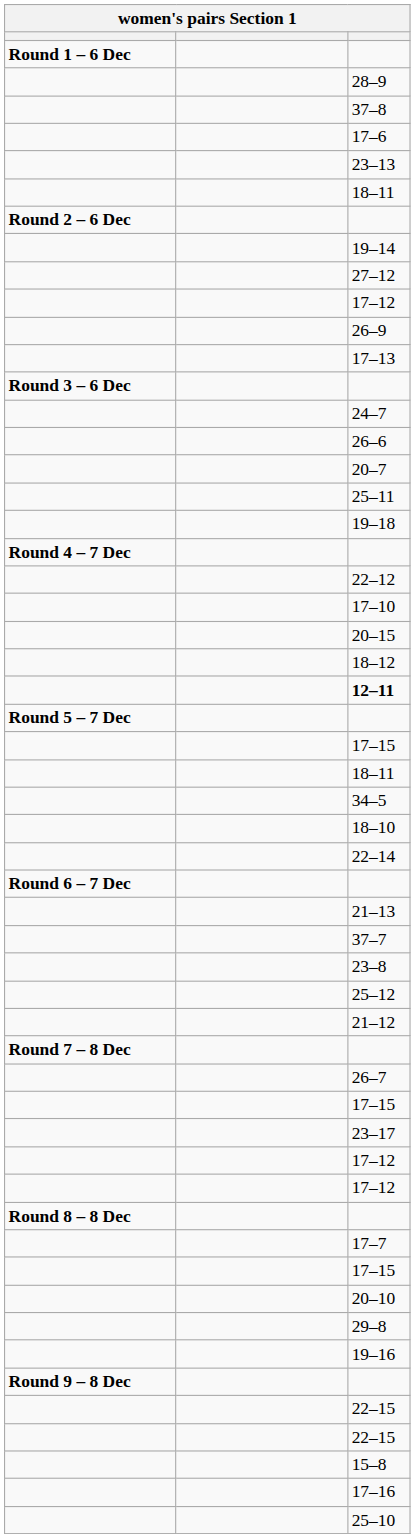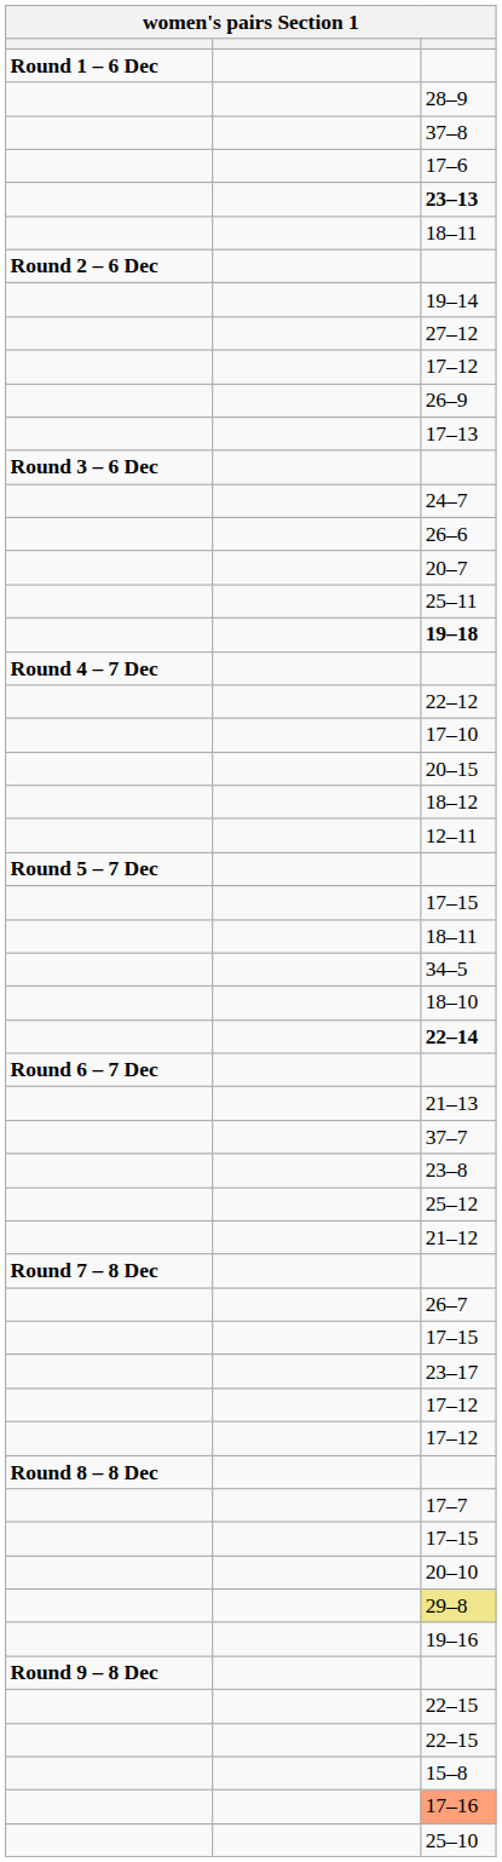 <table class="wikitable">
 <tr>
 <th colspan="3">women's pairs Section 1</th>
 </tr>
 <tr>
 <th width=150></th>
 <th width=150></th>
 <th width=50></th>
 </tr>
 <tr>
 <td><strong>Round 1 – 6 Dec</strong></td>
 <td></td>
 <td></td>
 </tr>
 <tr>
 <td></td>
 <td></td>
 <td>28–9</td>
 </tr>
 <tr>
 <td></td>
 <td></td>
 <td>37–8</td>
 </tr>
 <tr>
 <td></td>
 <td></td>
 <td>17–6</td>
 </tr>
 <tr>
 <td></td>
 <td></td>
-<td>23–13</td>
+<td><strong>23–13</strong></td>
 </tr>
 <tr>
 <td></td>
 <td></td>
 <td>18–11</td>
 </tr>
 <tr>
 <td><strong>Round 2 – 6 Dec</strong></td>
 <td></td>
 <td></td>
 </tr>
 <tr>
 <td></td>
 <td></td>
 <td>19–14</td>
 </tr>
 <tr>
 <td></td>
 <td></td>
 <td>27–12</td>
 </tr>
 <tr>
 <td></td>
 <td></td>
 <td>17–12</td>
 </tr>
 <tr>
 <td></td>
 <td></td>
 <td>26–9</td>
 </tr>
 <tr>
 <td></td>
 <td></td>
 <td>17–13</td>
 </tr>
 <tr>
 <td><strong>Round 3 – 6 Dec</strong></td>
 <td></td>
 <td></td>
 </tr>
 <tr>
 <td></td>
 <td></td>
 <td>24–7</td>
 </tr>
 <tr>
 <td></td>
 <td></td>
 <td>26–6</td>
 </tr>
 <tr>
 <td></td>
 <td></td>
 <td>20–7</td>
 </tr>
 <tr>
 <td></td>
 <td></td>
 <td>25–11</td>
 </tr>
 <tr>
 <td></td>
 <td></td>
-<td>19–18</td>
+<td><strong>19–18</strong></td>
 </tr>
 <tr>
 <td><strong>Round 4 – 7 Dec</strong></td>
 <td></td>
 <td></td>
 </tr>
 <tr>
 <td></td>
 <td></td>
 <td>22–12</td>
 </tr>
 <tr>
 <td></td>
 <td></td>
 <td>17–10</td>
 </tr>
 <tr>
 <td></td>
 <td></td>
 <td>20–15</td>
 </tr>
 <tr>
 <td></td>
 <td></td>
 <td>18–12</td>
 </tr>
 <tr>
 <td></td>
 <td></td>
-<td><strong>12–11</strong></td>
+<td>12–11</td>
 </tr>
 <tr>
 <td><strong>Round 5 – 7 Dec</strong></td>
 <td></td>
 <td></td>
 </tr>
 <tr>
 <td></td>
 <td></td>
 <td>17–15</td>
 </tr>
 <tr>
 <td></td>
 <td></td>
 <td>18–11</td>
 </tr>
 <tr>
 <td></td>
 <td></td>
 <td>34–5</td>
 </tr>
 <tr>
 <td></td>
 <td></td>
 <td>18–10</td>
 </tr>
 <tr>
 <td></td>
 <td></td>
-<td>22–14</td>
+<td><strong>22–14</strong></td>
 </tr>
 <tr>
 <td><strong>Round 6  – 7 Dec </strong></td>
 <td></td>
 <td></td>
 </tr>
 <tr>
 <td></td>
 <td></td>
 <td>21–13</td>
 </tr>
 <tr>
 <td></td>
 <td></td>
 <td>37–7</td>
 </tr>
 <tr>
 <td></td>
 <td></td>
 <td>23–8</td>
 </tr>
 <tr>
 <td></td>
 <td></td>
 <td>25–12</td>
 </tr>
 <tr>
 <td></td>
 <td></td>
 <td>21–12</td>
 </tr>
 <tr>
 <td><strong>Round 7 – 8 Dec </strong></td>
 <td></td>
 <td></td>
 </tr>
 <tr>
 <td></td>
 <td></td>
 <td>26–7</td>
 </tr>
 <tr>
 <td></td>
 <td></td>
 <td>17–15</td>
 </tr>
 <tr>
 <td></td>
 <td></td>
 <td>23–17</td>
 </tr>
 <tr>
 <td></td>
 <td></td>
 <td>17–12</td>
 </tr>
 <tr>
 <td></td>
 <td></td>
 <td>17–12</td>
 </tr>
 <tr>
 <td><strong>Round 8 – 8 Dec</strong></td>
 <td></td>
 <td></td>
 </tr>
 <tr>
 <td></td>
 <td></td>
 <td>17–7</td>
 </tr>
 <tr>
 <td></td>
 <td></td>
 <td>17–15</td>
 </tr>
 <tr>
 <td></td>
 <td></td>
 <td>20–10</td>
 </tr>
 <tr>
 <td></td>
 <td></td>
-<td>29–8</td>
+<td style="background: khaki;">29–8</td>
 </tr>
 <tr>
 <td></td>
 <td></td>
 <td>19–16</td>
 </tr>
 <tr>
 <td><strong>Round 9 – 8 Dec</strong></td>
 <td></td>
 <td></td>
 </tr>
 <tr>
 <td></td>
 <td></td>
 <td>22–15</td>
 </tr>
 <tr>
 <td></td>
 <td></td>
 <td>22–15</td>
 </tr>
 <tr>
 <td></td>
 <td></td>
 <td>15–8</td>
 </tr>
 <tr>
 <td></td>
 <td></td>
-<td>17–16</td>
+<td style="background: lightsalmon;">17–16</td>
 </tr>
 <tr>
 <td></td>
 <td></td>
 <td>25–10</td>
 </tr>
 <tr>
 </tr>
 </table>
